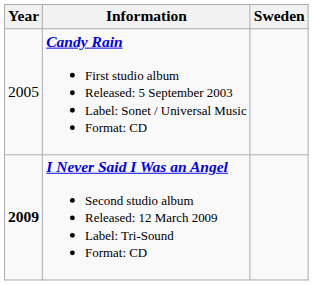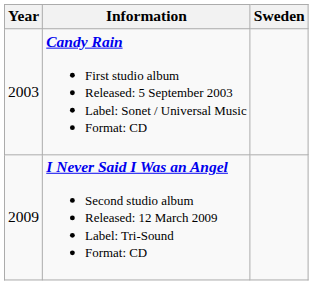 <table class="wikitable">
 <tr>
 <th style="text-align:center;">Year</th>
 <th style="text-align:center;">Information</th>
 <th style="text-align:center;">Sweden</th>
 </tr>
 <tr>
-<td>2005</td>
+<td>2003</td>
 <td><strong><em><a href='#'>Candy Rain</a></em></strong><br><ul><li><small>First studio album</small></li><li><small>Released: 5 September 2003</small></li><li><small>Label: Sonet / Universal Music </small></li><li><small>Format: CD</small></li></ul></td>
 <td></td>
 </tr>
 <tr>
-<td><strong>2009</strong></td>
+<td>2009</td>
 <td><strong><em><a href='#'>I Never Said I Was an Angel</a></em></strong><br><ul><li><small>Second studio album</small></li><li><small>Released: 12 March 2009</small></li><li><small>Label: Tri-Sound</small></li><li><small>Format: CD</small></li></ul></td>
 <td></td>
 </tr>
 </table>
